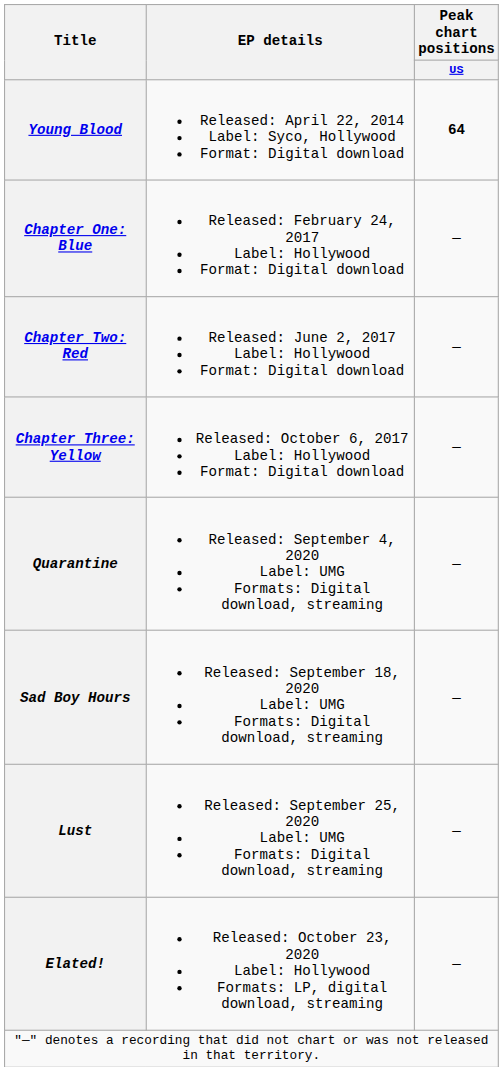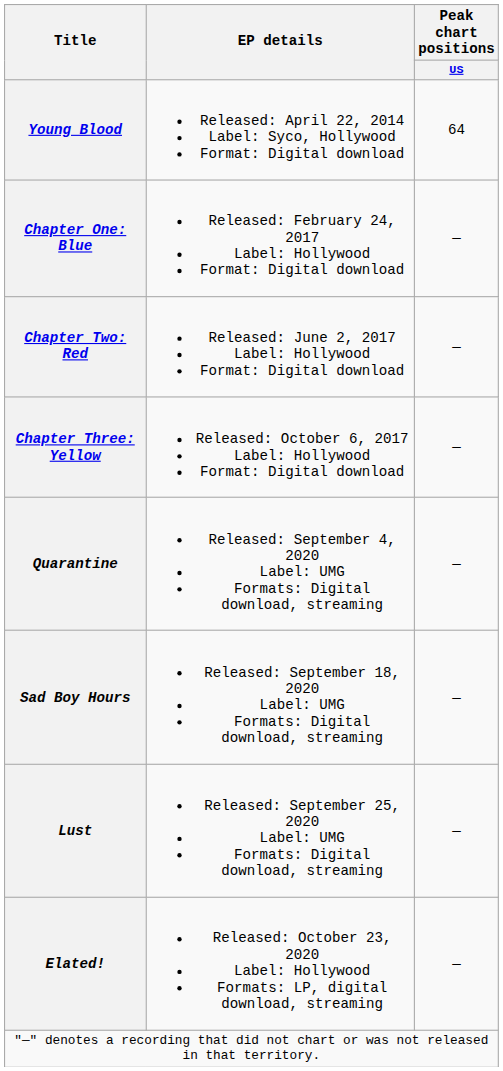 <table class="wikitable plainrowheaders" style="text-align:center">
 <tr>
 <th scope="col" rowspan="2" style="width:9.5em;">Title</th>
 <th scope="col" rowspan="2" style="width:18.5em;">EP details</th>
 <th scope="col" colspan="1">Peak chart positions</th>
 </tr>
 <tr style="font-size:smaller;">
 <th scope="col" style="width:3em;"><a href='#'>US</a><br></th>
 </tr>
 <tr>
 <th scope="row"><em><a href='#'>Young Blood</a></em></th>
 <td><br><ul><li>Released: April 22, 2014</li><li>Label: Syco, Hollywood</li><li>Format: Digital download</li></ul></td>
-<td><strong>64</strong></td>
+<td>64</td>
 </tr>
 <tr>
 <th scope="row"><em><a href='#'>Chapter One: Blue</a></em></th>
 <td><br><ul><li>Released: February 24, 2017</li><li>Label: Hollywood</li><li>Format: Digital download</li></ul></td>
 <td>—</td>
 </tr>
 <tr>
 <th scope="row"><em><a href='#'>Chapter Two: Red</a></em></th>
 <td><br><ul><li>Released: June 2, 2017</li><li>Label: Hollywood</li><li>Format: Digital download</li></ul></td>
 <td>—</td>
 </tr>
 <tr>
 <th scope="row"><em><a href='#'>Chapter Three: Yellow</a></em></th>
 <td><br><ul><li>Released: October 6, 2017</li><li>Label: Hollywood</li><li>Format: Digital download</li></ul></td>
 <td>—</td>
 </tr>
 <tr>
 <th scope="row"><em>Quarantine</em></th>
 <td><br><ul><li>Released: September 4, 2020</li><li>Label: UMG</li><li>Formats: Digital download, streaming</li></ul></td>
 <td>—</td>
 </tr>
 <tr>
 <th scope="row"><em>Sad Boy Hours</em></th>
 <td><br><ul><li>Released: September 18, 2020</li><li>Label: UMG</li><li>Formats: Digital download, streaming</li></ul></td>
 <td>—</td>
 </tr>
 <tr>
 <th scope="row"><em>Lust</em></th>
 <td><br><ul><li>Released: September 25, 2020</li><li>Label: UMG</li><li>Formats: Digital download, streaming</li></ul></td>
 <td>—</td>
 </tr>
 <tr>
 <th scope="row"><em> Elated! </em></th>
 <td><br><ul><li>Released: October 23, 2020</li><li>Label: Hollywood</li><li>Formats: LP, digital download, streaming</li></ul></td>
 <td>—</td>
 </tr>
 <tr>
 <td style="font-size:90%" colspan="8">"—" denotes a recording that did not chart or was not released in that territory.</td>
 </tr>
 </table>
